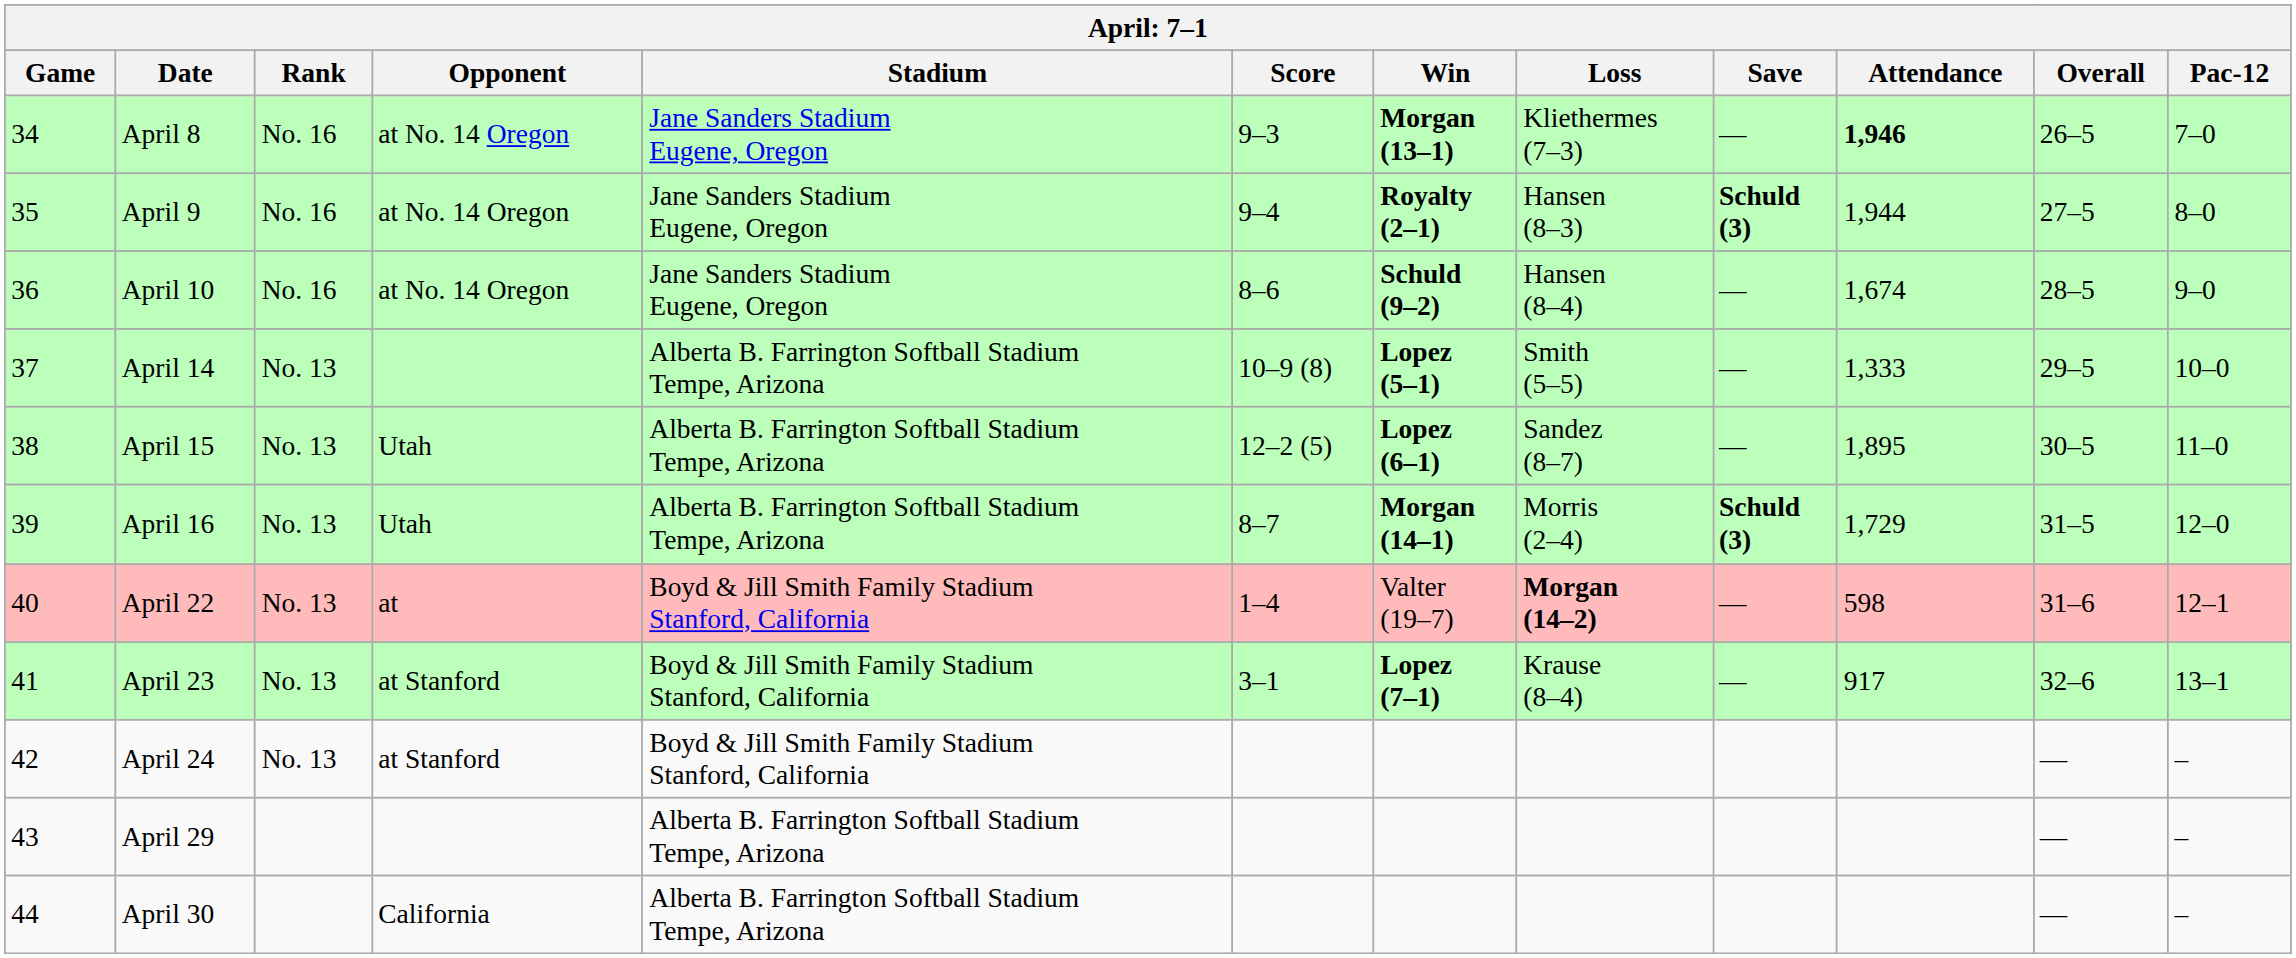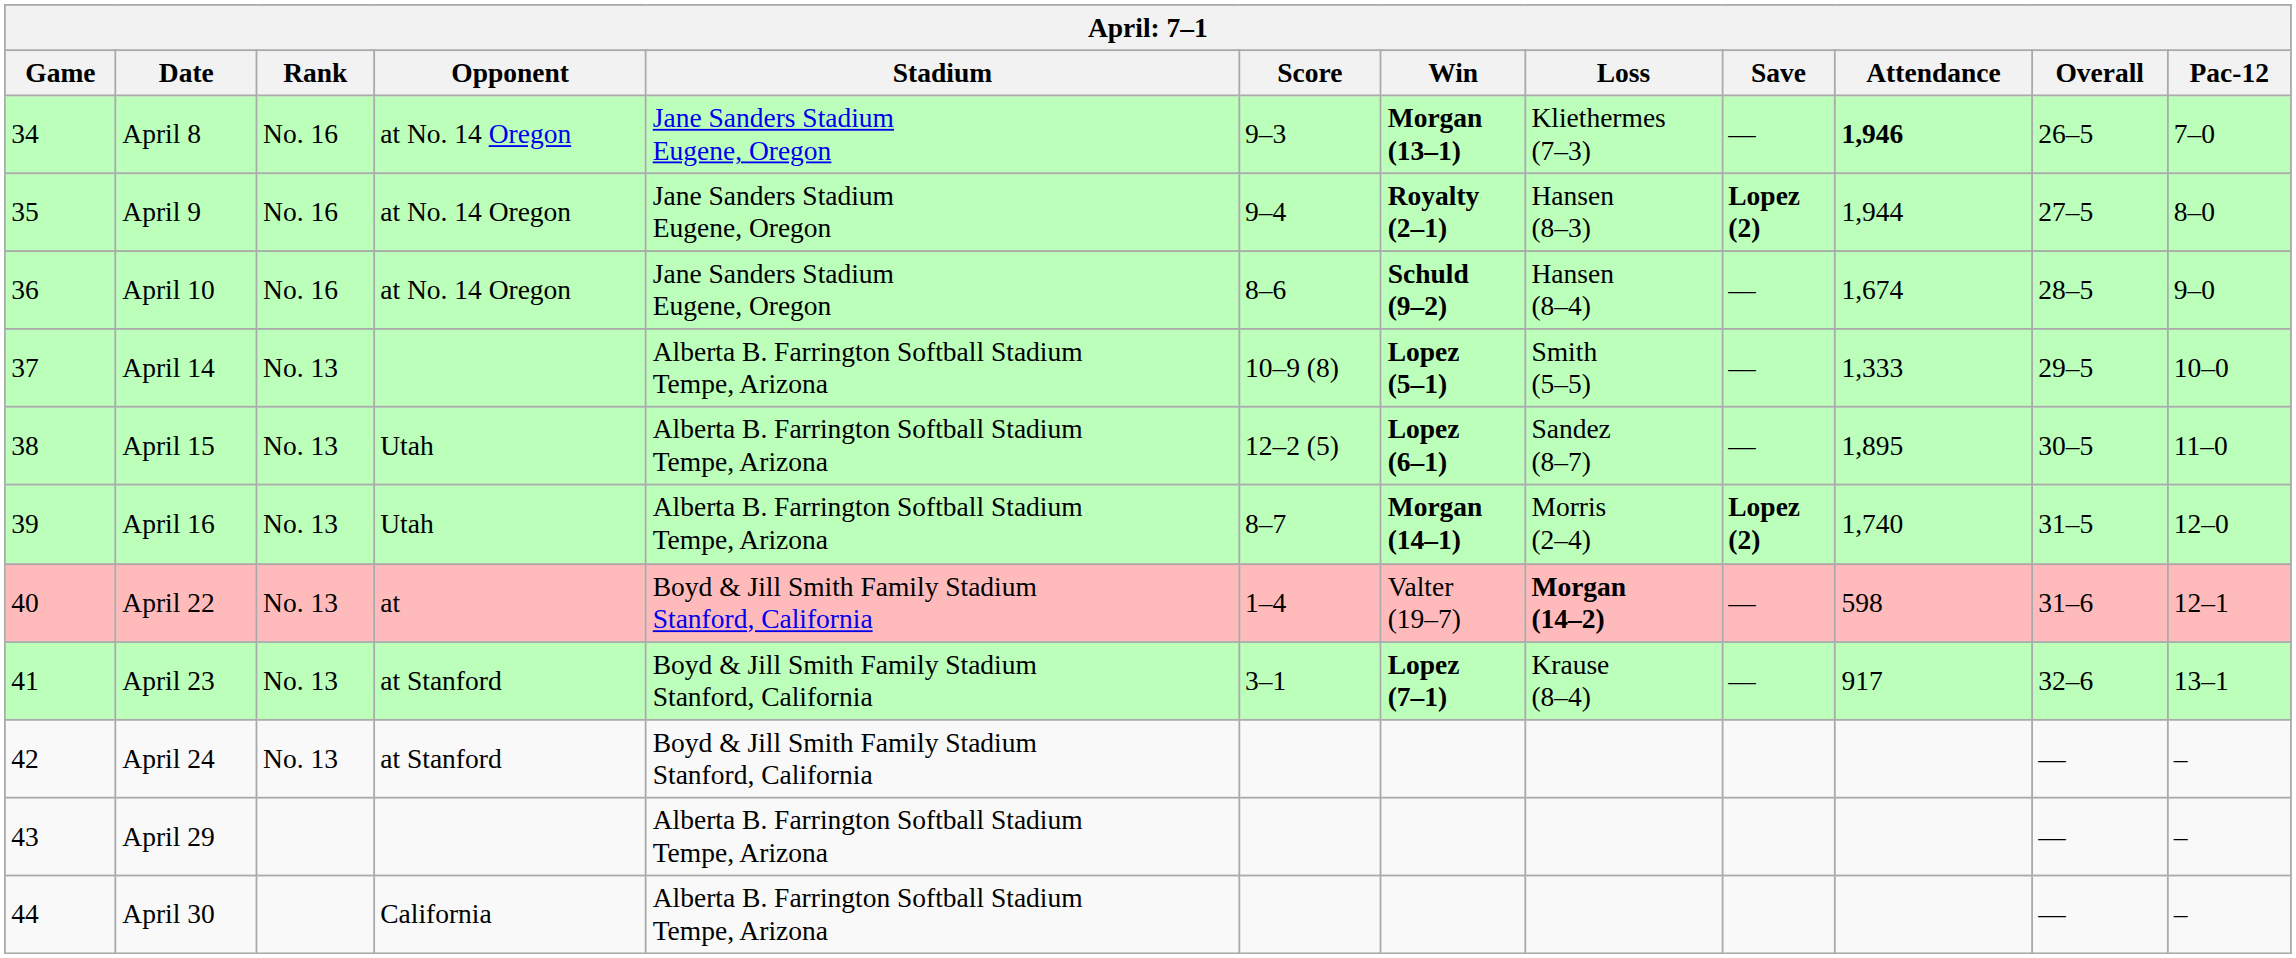 <table class="wikitable collapsible" style="margin:auto; font-size:95%; width:100%">
 <tr>
 <th colspan=12>April: 7–1</th>
 </tr>
 <tr>
 <th>Game</th>
 <th>Date</th>
 <th>Rank</th>
 <th>Opponent</th>
 <th>Stadium</th>
 <th>Score</th>
 <th>Win</th>
 <th>Loss</th>
 <th>Save</th>
 <th>Attendance</th>
 <th>Overall</th>
 <th>Pac-12</th>
 </tr>
 <tr style="background:#bfb;">
 <td>34</td>
 <td>April 8</td>
 <td>No. 16</td>
 <td>at No. 14 <a href='#'>Oregon</a></td>
 <td><a href='#'>Jane Sanders Stadium</a><br><a href='#'>Eugene, Oregon</a></td>
 <td>9–3</td>
 <td><strong>Morgan<br>(13–1)</strong></td>
 <td>Kliethermes<br>(7–3)</td>
 <td>—</td>
 <td><strong>1,946</strong></td>
 <td>26–5</td>
 <td>7–0</td>
 </tr>
 <tr style="background:#bfb;">
 <td>35</td>
 <td>April 9</td>
 <td>No. 16</td>
 <td>at No. 14 Oregon</td>
 <td>Jane Sanders Stadium<br>Eugene, Oregon</td>
 <td>9–4</td>
 <td><strong>Royalty<br>(2–1)</strong></td>
 <td>Hansen<br>(8–3)</td>
-<td><strong>Schuld<br>(3)</strong></td>
+<td><strong>Lopez<br>(2)</strong></td>
 <td>1,944</td>
 <td>27–5</td>
 <td>8–0</td>
 </tr>
 <tr style="background:#bfb;">
 <td>36</td>
 <td>April 10</td>
 <td>No. 16</td>
 <td>at No. 14 Oregon</td>
 <td>Jane Sanders Stadium<br>Eugene, Oregon</td>
 <td>8–6</td>
 <td><strong>Schuld<br>(9–2)</strong></td>
 <td>Hansen<br>(8–4)</td>
 <td>—</td>
 <td>1,674</td>
 <td>28–5</td>
 <td>9–0</td>
 </tr>
 <tr style="background:#bfb;">
 <td>37</td>
 <td>April 14</td>
 <td>No. 13</td>
 <td></td>
 <td>Alberta B. Farrington Softball Stadium<br>Tempe, Arizona</td>
 <td>10–9 (8)</td>
 <td><strong>Lopez<br>(5–1)</strong></td>
 <td>Smith<br>(5–5)</td>
 <td>—</td>
 <td>1,333</td>
 <td>29–5</td>
 <td>10–0</td>
 </tr>
 <tr style="background:#bfb;">
 <td>38</td>
 <td>April 15</td>
 <td>No. 13</td>
 <td>Utah</td>
 <td>Alberta B. Farrington Softball Stadium<br>Tempe, Arizona</td>
 <td>12–2 (5)</td>
 <td><strong>Lopez<br>(6–1)</strong></td>
 <td>Sandez<br>(8–7)</td>
 <td>—</td>
 <td>1,895</td>
 <td>30–5</td>
 <td>11–0</td>
 </tr>
 <tr style="background:#bfb;">
 <td>39</td>
 <td>April 16</td>
 <td>No. 13</td>
 <td>Utah</td>
 <td>Alberta B. Farrington Softball Stadium<br>Tempe, Arizona</td>
 <td>8–7</td>
 <td><strong>Morgan<br>(14–1)</strong></td>
 <td>Morris<br>(2–4)</td>
-<td><strong>Schuld<br>(3)</strong></td>
-<td>1,729</td>
+<td><strong>Lopez<br>(2)</strong></td>
+<td>1,740</td>
 <td>31–5</td>
 <td>12–0</td>
 </tr>
 <tr style="background:#fbb;">
 <td>40</td>
 <td>April 22</td>
 <td>No. 13</td>
 <td>at </td>
 <td>Boyd & Jill Smith Family Stadium<br><a href='#'>Stanford, California</a></td>
 <td>1–4</td>
 <td>Valter<br>(19–7)</td>
 <td><strong>Morgan<br>(14–2)</strong></td>
 <td>—</td>
 <td>598</td>
 <td>31–6</td>
 <td>12–1</td>
 </tr>
 <tr style="background:#bfb;">
 <td>41</td>
 <td>April 23</td>
 <td>No. 13</td>
 <td>at Stanford</td>
 <td>Boyd & Jill Smith Family Stadium<br>Stanford, California</td>
 <td>3–1</td>
 <td><strong>Lopez<br>(7–1)</strong></td>
 <td>Krause<br>(8–4)</td>
 <td>—</td>
 <td>917</td>
 <td>32–6</td>
 <td>13–1</td>
 </tr>
 <tr style="background:">
 <td>42</td>
 <td>April 24</td>
 <td>No. 13</td>
 <td>at Stanford</td>
 <td>Boyd & Jill Smith Family Stadium<br>Stanford, California</td>
 <td></td>
 <td></td>
 <td></td>
 <td></td>
 <td></td>
 <td>—</td>
 <td>–</td>
 </tr>
 <tr style="background:">
 <td>43</td>
 <td>April 29</td>
 <td></td>
 <td></td>
 <td>Alberta B. Farrington Softball Stadium<br>Tempe, Arizona</td>
 <td></td>
 <td></td>
 <td></td>
 <td></td>
 <td></td>
 <td>—</td>
 <td>–</td>
 </tr>
 <tr style="background:">
 <td>44</td>
 <td>April 30</td>
 <td></td>
 <td>California</td>
 <td>Alberta B. Farrington Softball Stadium<br>Tempe, Arizona</td>
 <td></td>
 <td></td>
 <td></td>
 <td></td>
 <td></td>
 <td>—</td>
 <td>–</td>
 </tr>
 </table>
